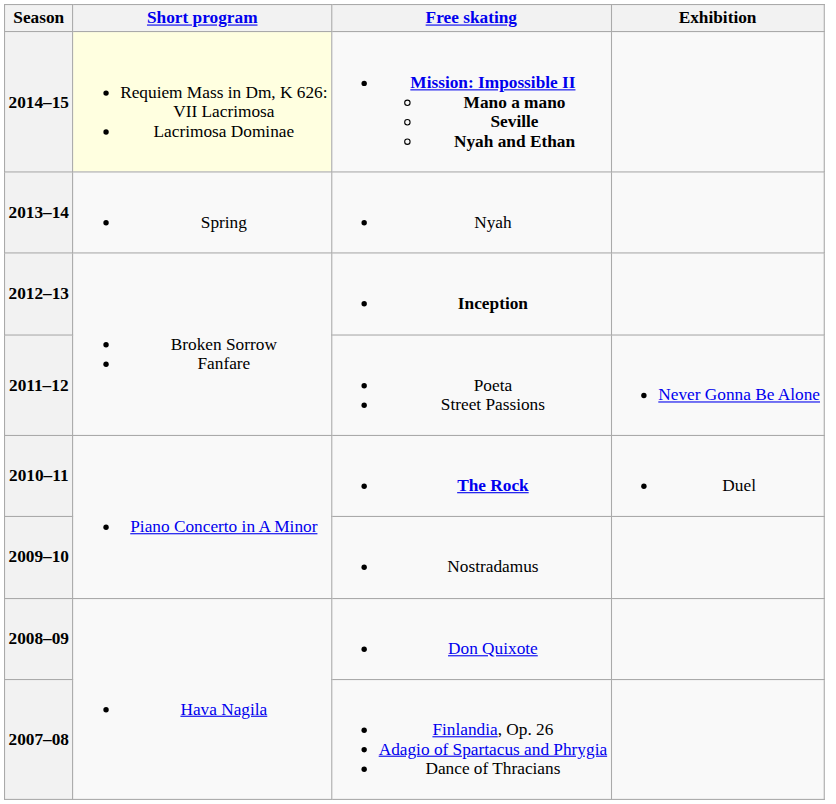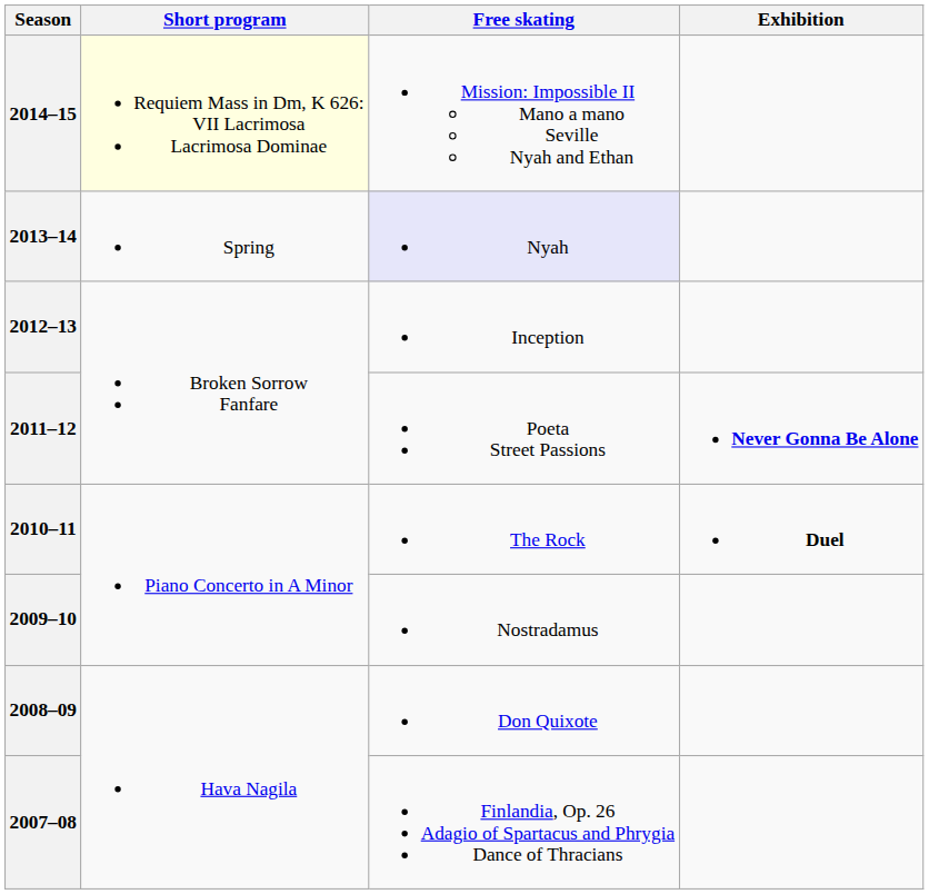 <table class="wikitable" style="text-align:center">
 <tr>
 <th>Season</th>
 <th><a href='#'>Short program</a></th>
 <th><a href='#'>Free skating</a></th>
 <th>Exhibition</th>
 </tr>
 <tr>
 <th>2014–15<br></th>
 <td style="background: lightyellow;"><br><ul><li>Requiem Mass in Dm, K 626: <br>VII Lacrimosa <br></li><li>Lacrimosa Dominae <br></li></ul></td>
-<td><strong><br><ul><li><a href='#'>Mission: Impossible II</a> <br><ul><li>Mano a mano</li><li>Seville</li><li>Nyah and Ethan</li></ul></li></ul></strong></td>
+<td><br><ul><li><a href='#'>Mission: Impossible II</a> <br><ul><li>Mano a mano</li><li>Seville</li><li>Nyah and Ethan</li></ul></li></ul></td>
 <td></td>
 </tr>
 <tr>
 <th>2013–14<br></th>
 <td><br><ul><li>Spring <br></li></ul></td>
-<td><br><ul><li>Nyah <br></li></ul></td>
+<td style="background: lavender;"><br><ul><li>Nyah <br></li></ul></td>
 <td></td>
 </tr>
 <tr>
 <th>2012–13<br></th>
 <td rowspan=2><br><ul><li>Broken Sorrow <br></li><li>Fanfare <br></li></ul></td>
-<td><strong><br><ul><li>Inception <br></li></ul></strong></td>
+<td><br><ul><li>Inception <br></li></ul></td>
 <td></td>
 </tr>
 <tr>
 <th>2011–12<br></th>
 <td><br><ul><li>Poeta <br></li><li>Street Passions <br></li></ul></td>
-<td><br><ul><li><a href='#'>Never Gonna Be Alone</a> <br></li></ul></td>
+<td><strong><br><ul><li><a href='#'>Never Gonna Be Alone</a> <br></li></ul></strong></td>
 </tr>
 <tr>
 <th>2010–11<br></th>
 <td rowspan=2><br><ul><li><a href='#'>Piano Concerto in A Minor</a> <br></li></ul></td>
-<td><strong><br><ul><li><a href='#'>The Rock</a> <br></li></ul></strong></td>
-<td><br><ul><li>Duel <br></li></ul></td>
+<td><br><ul><li><a href='#'>The Rock</a> <br></li></ul></td>
+<td><strong><br><ul><li>Duel <br></li></ul></strong></td>
 </tr>
 <tr>
 <th>2009–10<br></th>
 <td><br><ul><li>Nostradamus <br></li></ul></td>
 <td></td>
 </tr>
 <tr>
 <th>2008–09<br></th>
 <td rowspan=2><br><ul><li><a href='#'>Hava Nagila</a></li></ul></td>
 <td><br><ul><li><a href='#'>Don Quixote</a> <br></li></ul></td>
 <td></td>
 </tr>
 <tr>
 <th>2007–08<br></th>
 <td><br><ul><li><a href='#'>Finlandia</a>, Op. 26 <br></li><li><a href='#'>Adagio of Spartacus and Phrygia</a> <br></li><li>Dance of Thracians</li></ul></td>
 <td></td>
 </tr>
 </table>
